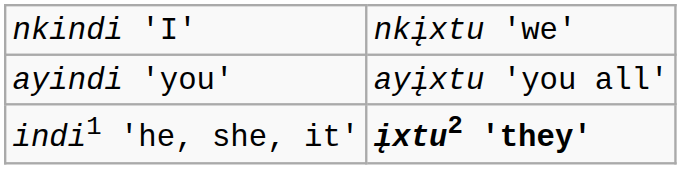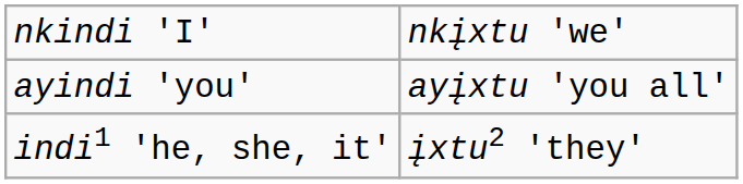 <table class="wikitable">
 <tr>
 <td><em>nkindi</em> 'I'</td>
 <td><em>nkįxtu</em> 'we'</td>
 </tr>
 <tr>
 <td><em>ayindi</em> 'you'</td>
 <td><em>ayįxtu</em> 'you all'</td>
 </tr>
 <tr>
 <td><em>indi</em><sup>1</sup> 'he, she, it'</td>
-<td><strong><em>įxtu</em><sup>2</sup> 'they'</strong></td>
+<td><em>įxtu</em><sup>2</sup> 'they'</td>
 </tr>
 </table>
